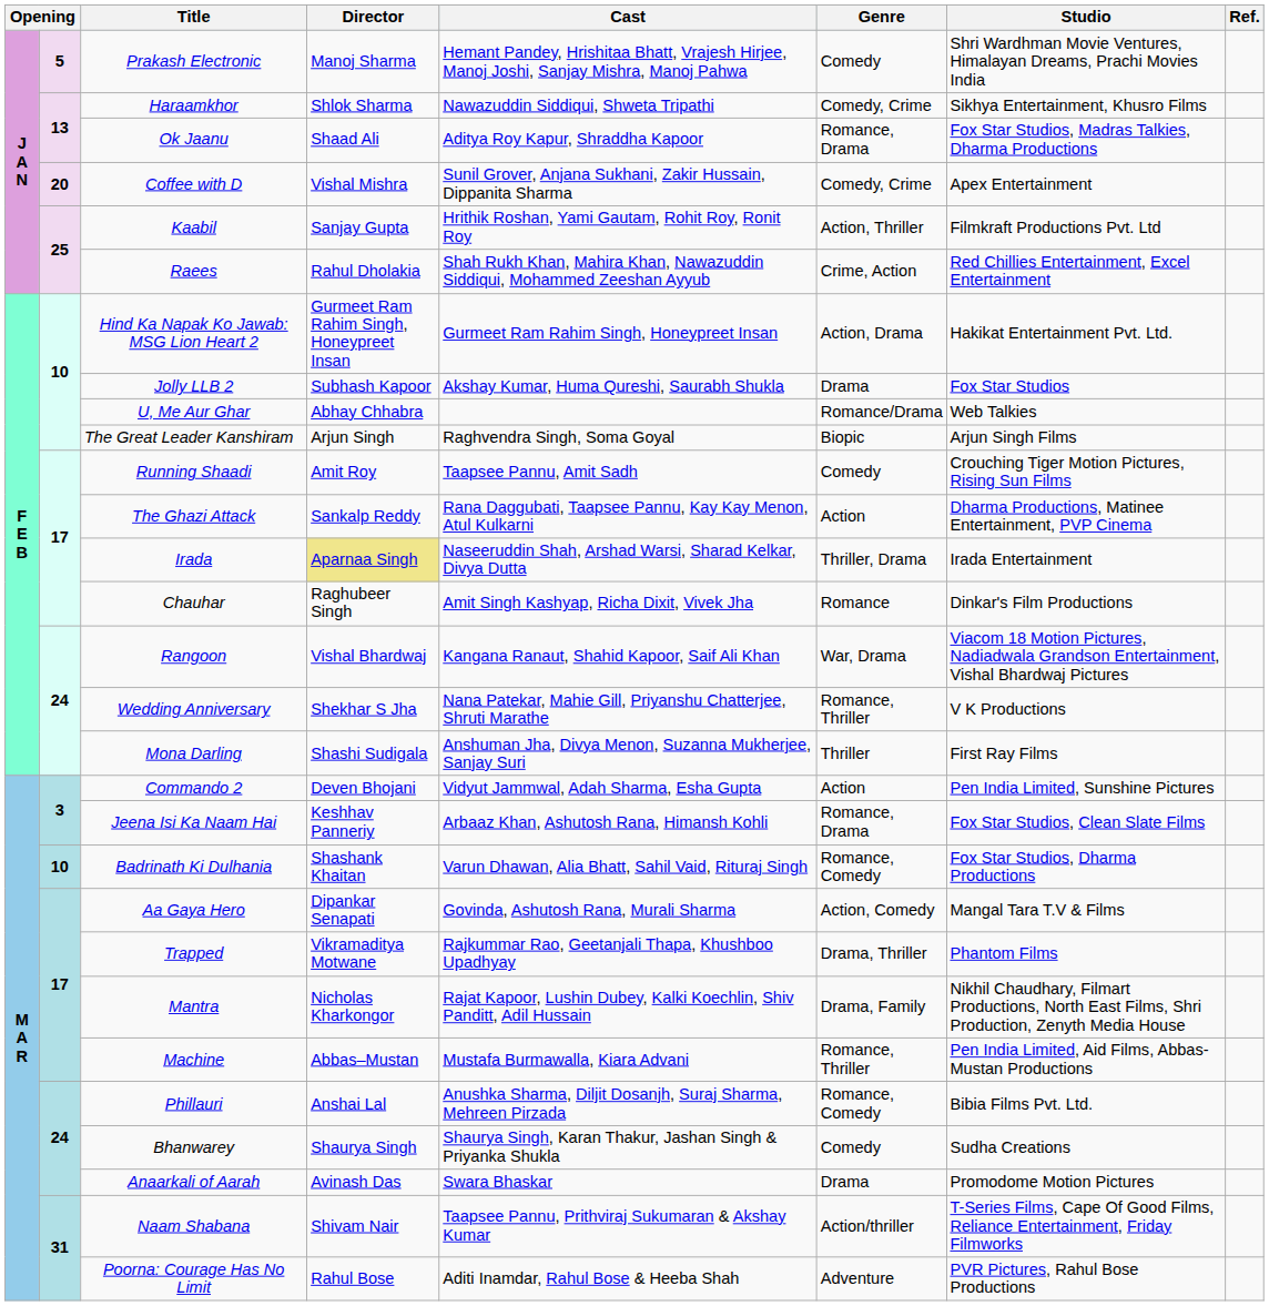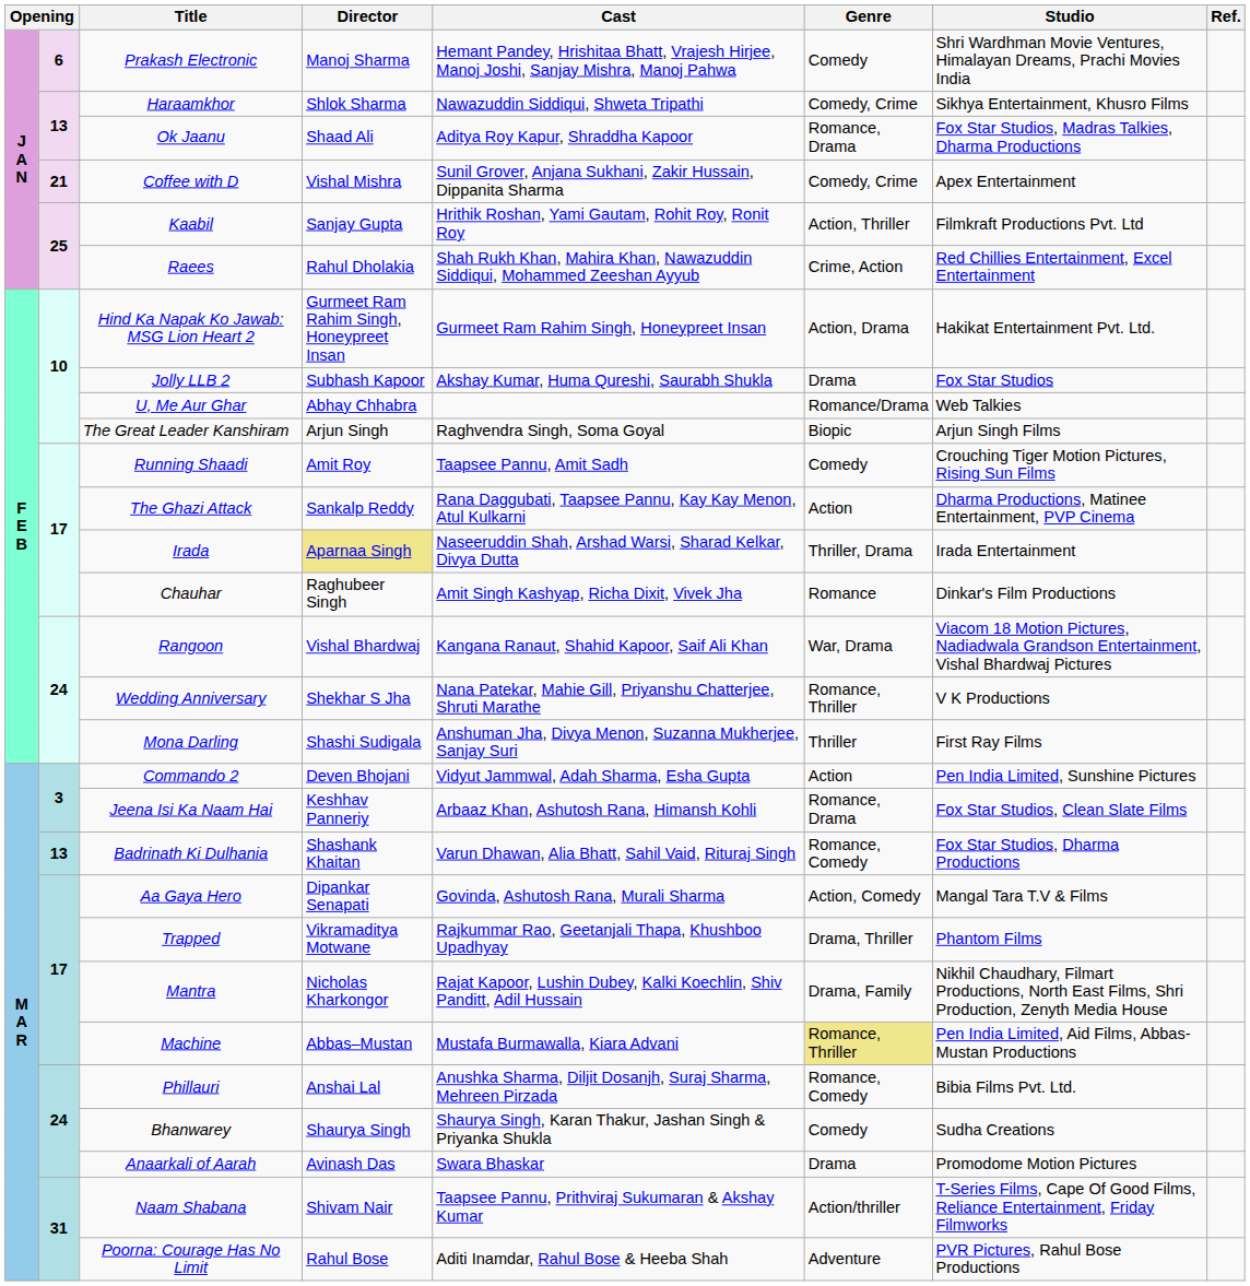 <table class="wikitable">
 <tr style="background:#b0e0e6; text-align:center;">
 <th colspan="2" style="width:6%;"><strong>Opening</strong></th>
 <th style="width:18%;"><strong>Title</strong></th>
 <th style="width:10.5%;"><strong>Director</strong></th>
 <th style="width:30%;"><strong>Cast</strong></th>
 <th style="width:10%;"><strong>Genre</strong></th>
 <th>Studio</th>
 <th>Ref.</th>
 </tr>
 <tr>
 <td rowspan="6" style="text-align:center; background:plum; textcolor:#000;"><strong>J<br>A<br>N</strong></td>
-<td style="text-align:center;background:#f1daf1;"><strong>5</strong></td>
+<td style="text-align:center;background:#f1daf1;"><strong>6</strong></td>
 <td style="text-align:center;"><em><a href='#'>Prakash Electronic</a></em></td>
 <td><a href='#'>Manoj Sharma</a></td>
 <td><a href='#'>Hemant Pandey</a>, <a href='#'>Hrishitaa Bhatt</a>, <a href='#'>Vrajesh Hirjee</a>, <a href='#'>Manoj Joshi</a>, <a href='#'>Sanjay Mishra</a>, <a href='#'>Manoj Pahwa</a></td>
 <td>Comedy</td>
 <td>Shri Wardhman Movie Ventures, Himalayan Dreams, Prachi Movies India</td>
 <td></td>
 </tr>
 <tr>
 <td rowspan="2" style="text-align:center;background:#f1daf1;"><strong>13</strong></td>
 <td style="text-align:center;"><em><a href='#'>Haraamkhor</a></em></td>
 <td><a href='#'>Shlok Sharma</a></td>
 <td><a href='#'>Nawazuddin Siddiqui</a>, <a href='#'>Shweta Tripathi</a></td>
 <td>Comedy, Crime</td>
 <td>Sikhya Entertainment, Khusro Films</td>
 <td></td>
 </tr>
 <tr>
 <td style="text-align:center;"><em><a href='#'>Ok Jaanu</a></em></td>
 <td><a href='#'>Shaad Ali</a></td>
 <td><a href='#'>Aditya Roy Kapur</a>, <a href='#'>Shraddha Kapoor</a></td>
 <td>Romance, Drama</td>
 <td><a href='#'>Fox Star Studios</a>, <a href='#'>Madras Talkies</a>, <a href='#'>Dharma Productions</a></td>
 <td></td>
 </tr>
 <tr>
-<td style="text-align:center; background:#f1daf1;"><strong>20</strong></td>
+<td style="text-align:center; background:#f1daf1;"><strong>21</strong></td>
 <td style="text-align:center;"><em><a href='#'>Coffee with D</a></em></td>
 <td><a href='#'>Vishal Mishra</a></td>
 <td><a href='#'>Sunil Grover</a>, <a href='#'>Anjana Sukhani</a>, <a href='#'>Zakir Hussain</a>, Dippanita Sharma</td>
 <td>Comedy, Crime</td>
 <td>Apex Entertainment</td>
 <td></td>
 </tr>
 <tr>
 <td rowspan="2" style="text-align:center;background:#f1daf1;"><strong>25</strong></td>
 <td style="text-align:center;"><em><a href='#'>Kaabil</a></em></td>
 <td><a href='#'>Sanjay Gupta</a></td>
 <td><a href='#'>Hrithik Roshan</a>, <a href='#'>Yami Gautam</a>, <a href='#'>Rohit Roy</a>, <a href='#'>Ronit Roy</a></td>
 <td>Action, Thriller</td>
 <td>Filmkraft Productions Pvt. Ltd</td>
 <td></td>
 </tr>
 <tr>
 <td style="text-align:center;"><em><a href='#'>Raees</a></em></td>
 <td><a href='#'>Rahul Dholakia</a></td>
 <td><a href='#'>Shah Rukh Khan</a>, <a href='#'>Mahira Khan</a>, <a href='#'>Nawazuddin Siddiqui</a>, <a href='#'>Mohammed Zeeshan Ayyub</a></td>
 <td>Crime, Action</td>
 <td><a href='#'>Red Chillies Entertainment</a>, <a href='#'>Excel Entertainment</a></td>
 <td></td>
 </tr>
 <tr February!>
 <td rowspan="11" style="text-align:center; background:#7FFFD4; textcolor:#000;"><strong>F<br>E<br>B</strong></td>
 <td rowspan="4" style="text-align:center;background:#DBFFF8;"><strong>10</strong></td>
 <td style="text-align:center;"><em><a href='#'>Hind Ka Napak Ko Jawab: MSG Lion Heart 2</a></em></td>
 <td><a href='#'>Gurmeet Ram Rahim Singh</a>, <a href='#'>Honeypreet Insan</a></td>
 <td><a href='#'>Gurmeet Ram Rahim Singh</a>, <a href='#'>Honeypreet Insan</a></td>
 <td>Action, Drama</td>
 <td>Hakikat Entertainment Pvt. Ltd.</td>
 <td></td>
 </tr>
 <tr>
 <td style="text-align:center;"><em><a href='#'>Jolly LLB 2</a></em></td>
 <td><a href='#'>Subhash Kapoor</a></td>
 <td><a href='#'>Akshay Kumar</a>, <a href='#'>Huma Qureshi</a>, <a href='#'>Saurabh Shukla</a></td>
 <td>Drama</td>
 <td><a href='#'>Fox Star Studios</a></td>
 <td></td>
 </tr>
 <tr>
 <td style="text-align:center;"><em><a href='#'>U, Me Aur Ghar</a></em></td>
 <td><a href='#'>Abhay Chhabra</a></td>
 <td></td>
 <td>Romance/Drama</td>
 <td>Web Talkies</td>
 <td></td>
 </tr>
 <tr>
 <td><em>The Great Leader Kanshiram</em></td>
 <td>Arjun Singh</td>
 <td>Raghvendra Singh, Soma Goyal</td>
 <td>Biopic</td>
 <td>Arjun Singh Films</td>
 <td></td>
 </tr>
 <tr>
 <td rowspan="4" style="text-align:center;background:#DBFFF8;"><strong>17</strong></td>
 <td style="text-align:center;"><em><a href='#'>Running Shaadi</a></em></td>
 <td><a href='#'>Amit Roy</a></td>
 <td><a href='#'>Taapsee Pannu</a>, <a href='#'>Amit Sadh</a></td>
 <td>Comedy</td>
 <td>Crouching Tiger Motion Pictures, <a href='#'>Rising Sun Films</a></td>
 <td></td>
 </tr>
 <tr>
 <td style="text-align:center;"><em><a href='#'>The Ghazi Attack</a></em></td>
 <td><a href='#'>Sankalp Reddy</a></td>
 <td><a href='#'>Rana Daggubati</a>, <a href='#'>Taapsee Pannu</a>, <a href='#'>Kay Kay Menon</a>, <a href='#'>Atul Kulkarni</a></td>
 <td>Action</td>
 <td><a href='#'>Dharma Productions</a>, Matinee Entertainment, <a href='#'>PVP Cinema</a></td>
 <td></td>
 </tr>
 <tr>
 <td style="text-align:center;"><em><a href='#'>Irada</a></em></td>
 <td style="background: khaki;"><a href='#'>Aparnaa Singh</a></td>
 <td><a href='#'>Naseeruddin Shah</a>, <a href='#'>Arshad Warsi</a>, <a href='#'>Sharad Kelkar</a>, <a href='#'>Divya Dutta</a></td>
 <td>Thriller, Drama</td>
 <td>Irada Entertainment</td>
 <td></td>
 </tr>
 <tr>
 <td style="text-align:center;"><em>Chauhar</em></td>
 <td>Raghubeer Singh</td>
 <td><a href='#'>Amit Singh Kashyap</a>, <a href='#'>Richa Dixit</a>, <a href='#'>Vivek Jha</a></td>
 <td>Romance</td>
 <td>Dinkar's Film Productions</td>
 <td></td>
 </tr>
 <tr>
 <td rowspan="3" style="text-align:center;background:#DBFFF8;"><strong>24</strong></td>
 <td style="text-align:center;"><em><a href='#'>Rangoon</a></em></td>
 <td><a href='#'>Vishal Bhardwaj</a></td>
 <td><a href='#'>Kangana Ranaut</a>, <a href='#'>Shahid Kapoor</a>, <a href='#'>Saif Ali Khan</a></td>
 <td>War, Drama</td>
 <td><a href='#'>Viacom 18 Motion Pictures</a>, <a href='#'>Nadiadwala Grandson Entertainment</a>, Vishal Bhardwaj Pictures</td>
 <td></td>
 </tr>
 <tr>
 <td style="text-align:center;"><em><a href='#'>Wedding Anniversary</a></em></td>
 <td><a href='#'>Shekhar S Jha</a></td>
 <td><a href='#'>Nana Patekar</a>, <a href='#'>Mahie Gill</a>, <a href='#'>Priyanshu Chatterjee</a>, <a href='#'>Shruti Marathe</a></td>
 <td>Romance, Thriller</td>
 <td>V K Productions</td>
 <td></td>
 </tr>
 <tr>
 <td style="text-align:center;"><em><a href='#'>Mona Darling</a></em></td>
 <td><a href='#'>Shashi Sudigala</a></td>
 <td><a href='#'>Anshuman Jha</a>, <a href='#'>Divya Menon</a>, <a href='#'>Suzanna Mukherjee</a>, <a href='#'>Sanjay Suri</a></td>
 <td>Thriller</td>
 <td>First Ray Films</td>
 <td></td>
 </tr>
 <tr March!>
 <td rowspan="12" style="text-align:center; background:#93CCEA; textcolor:#000;"><strong>M<br>A<br>R</strong></td>
 <td rowspan="2" style="text-align:center;background:#B0E0E6;"><strong>3</strong></td>
 <td style="text-align:center;"><em><a href='#'>Commando 2</a></em></td>
 <td><a href='#'>Deven Bhojani</a></td>
 <td><a href='#'>Vidyut Jammwal</a>, <a href='#'>Adah Sharma</a>, <a href='#'>Esha Gupta</a></td>
 <td>Action</td>
 <td><a href='#'>Pen India Limited</a>, Sunshine Pictures</td>
 <td></td>
 </tr>
 <tr>
 <td style="text-align:center;"><em><a href='#'>Jeena Isi Ka Naam Hai</a></em></td>
 <td><a href='#'>Keshhav Panneriy</a></td>
 <td><a href='#'>Arbaaz Khan</a>, <a href='#'>Ashutosh Rana</a>, <a href='#'>Himansh Kohli</a></td>
 <td>Romance, Drama</td>
 <td><a href='#'>Fox Star Studios</a>, <a href='#'>Clean Slate Films</a></td>
 <td></td>
 </tr>
 <tr>
-<td style="text-align:center; background:#b0e0e6;"><strong>10</strong></td>
+<td style="text-align:center; background:#b0e0e6;"><strong>13</strong></td>
 <td style="text-align:center;"><em><a href='#'>Badrinath Ki Dulhania</a></em></td>
 <td><a href='#'>Shashank Khaitan</a></td>
 <td><a href='#'>Varun Dhawan</a>, <a href='#'>Alia Bhatt</a>, <a href='#'>Sahil Vaid</a>, <a href='#'>Rituraj Singh</a></td>
 <td>Romance, Comedy</td>
 <td><a href='#'>Fox Star Studios</a>, <a href='#'>Dharma Productions</a></td>
 <td></td>
 </tr>
 <tr>
 <td rowspan="4" style="text-align:center;background:#B0E0E6;"><strong>17</strong></td>
 <td style="text-align:center;"><em><a href='#'>Aa Gaya Hero</a></em></td>
 <td><a href='#'>Dipankar Senapati</a></td>
 <td><a href='#'>Govinda</a>, <a href='#'>Ashutosh Rana</a>, <a href='#'>Murali Sharma</a></td>
 <td>Action, Comedy</td>
 <td>Mangal Tara T.V & Films</td>
 <td></td>
 </tr>
 <tr>
 <td style="text-align:center;"><em><a href='#'>Trapped</a></em></td>
 <td><a href='#'>Vikramaditya Motwane</a></td>
 <td><a href='#'>Rajkummar Rao</a>, <a href='#'>Geetanjali Thapa</a>, <a href='#'>Khushboo Upadhyay</a></td>
 <td>Drama, Thriller</td>
 <td><a href='#'>Phantom Films</a></td>
 <td></td>
 </tr>
 <tr>
 <td style="text-align:center;"><em><a href='#'>Mantra</a></em></td>
 <td><a href='#'>Nicholas Kharkongor</a></td>
 <td><a href='#'>Rajat Kapoor</a>, <a href='#'>Lushin Dubey</a>, <a href='#'>Kalki Koechlin</a>, <a href='#'>Shiv Panditt</a>, <a href='#'>Adil Hussain</a></td>
 <td>Drama, Family</td>
 <td>Nikhil Chaudhary, Filmart Productions, North East Films, Shri Production, Zenyth Media House</td>
 <td></td>
 </tr>
 <tr>
 <td style="text-align:center;"><em><a href='#'>Machine</a></em></td>
 <td><a href='#'>Abbas–Mustan</a></td>
 <td><a href='#'>Mustafa Burmawalla</a>, <a href='#'>Kiara Advani</a></td>
-<td>Romance, Thriller</td>
+<td style="background: khaki;">Romance, Thriller</td>
 <td><a href='#'>Pen India Limited</a>, Aid Films, Abbas-Mustan Productions</td>
 <td></td>
 </tr>
 <tr>
 <td rowspan="3" style="text-align:center;background:#B0E0E6;"><strong>24</strong></td>
 <td style="text-align:center;"><em><a href='#'>Phillauri</a></em></td>
 <td><a href='#'>Anshai Lal</a></td>
 <td><a href='#'>Anushka Sharma</a>, <a href='#'>Diljit Dosanjh</a>, <a href='#'>Suraj Sharma</a>, <a href='#'>Mehreen Pirzada</a></td>
 <td>Romance, Comedy</td>
 <td>Bibia Films Pvt. Ltd.</td>
 <td></td>
 </tr>
 <tr>
 <td style="text-align:center;"><em>Bhanwarey</em></td>
 <td><a href='#'>Shaurya Singh</a></td>
 <td><a href='#'>Shaurya Singh</a>, Karan Thakur, Jashan Singh & Priyanka Shukla</td>
 <td>Comedy</td>
 <td>Sudha Creations</td>
 <td></td>
 </tr>
 <tr>
 <td style="text-align:center;"><em><a href='#'>Anaarkali of Aarah</a></em></td>
 <td><a href='#'>Avinash Das</a></td>
 <td><a href='#'>Swara Bhaskar</a></td>
 <td>Drama</td>
 <td>Promodome Motion Pictures</td>
 <td></td>
 </tr>
 <tr>
 <td rowspan="2" style="text-align:center;background:#B0E0E6;"><strong>31</strong></td>
 <td style="text-align:center;"><em><a href='#'>Naam Shabana</a></em></td>
 <td><a href='#'>Shivam Nair</a></td>
 <td><a href='#'>Taapsee Pannu</a>, <a href='#'>Prithviraj Sukumaran</a> & <a href='#'>Akshay Kumar</a></td>
 <td>Action/thriller</td>
 <td><a href='#'>T-Series Films</a>, Cape Of Good Films, <a href='#'>Reliance Entertainment</a>, <a href='#'>Friday Filmworks</a></td>
 <td></td>
 </tr>
 <tr>
 <td style="text-align:center;"><em><a href='#'>Poorna: Courage Has No Limit</a></em></td>
 <td><a href='#'>Rahul Bose</a></td>
 <td>Aditi Inamdar, <a href='#'>Rahul Bose</a> & Heeba Shah</td>
 <td>Adventure</td>
 <td><a href='#'>PVR Pictures</a>, Rahul Bose Productions</td>
 <td></td>
 </tr>
 </table>
